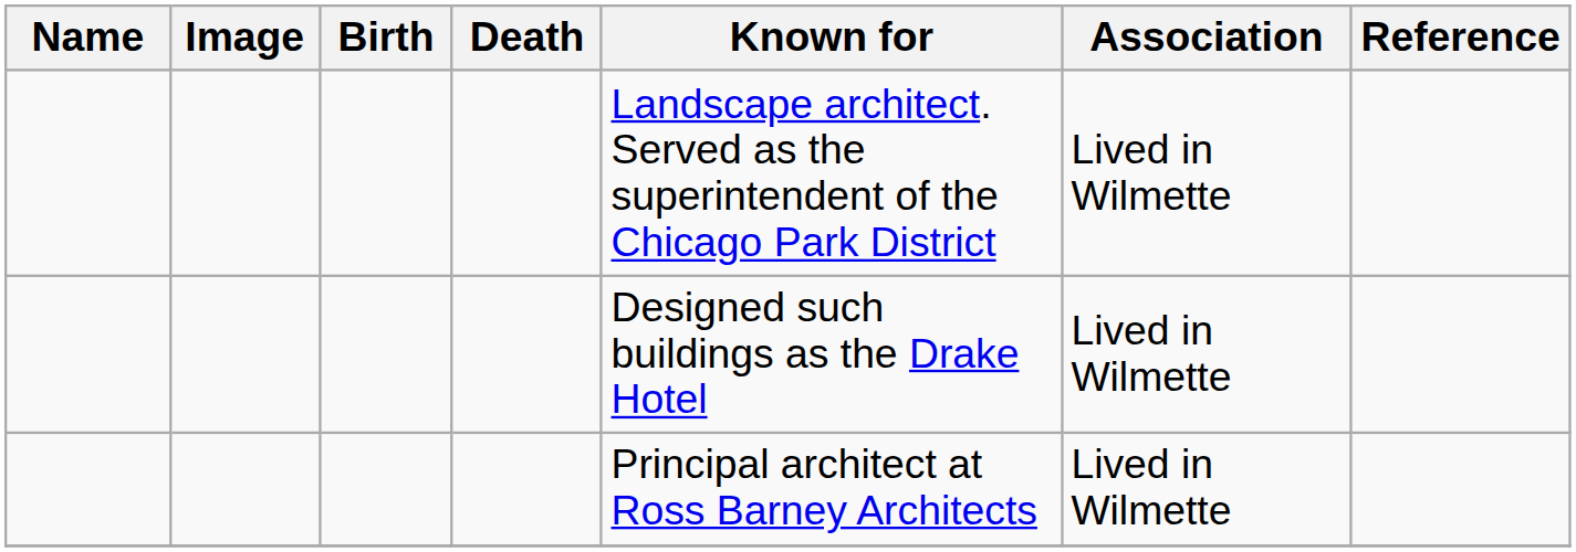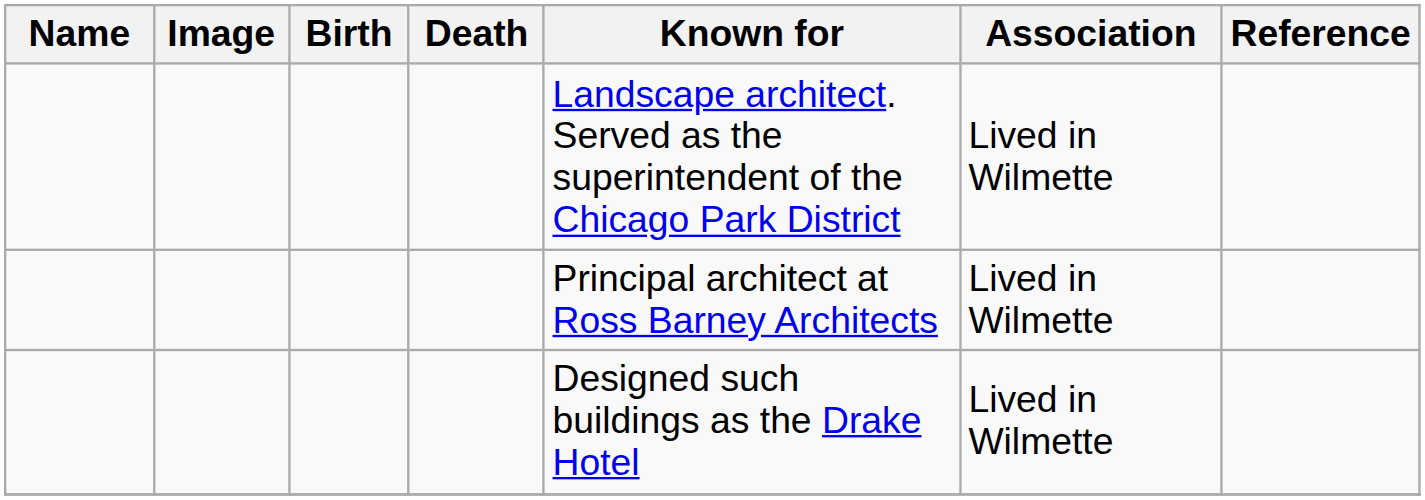 <table class="wikitable sortable">
 <tr>
 <th scope="col" width="140">Name</th>
 <th scope="col" width="80" class="unsortable">Image</th>
 <th scope="col" width="90">Birth</th>
 <th scope="col" width="90">Death</th>
 <th scope="col" width="600" class="unsortable">Known for</th>
 <th scope="col" width="200" class="unsortable">Association</th>
 <th scope="col" width="30" class="unsortable">Reference</th>
 </tr>
 <tr>
 <td></td>
 <td></td>
 <td align=right></td>
 <td align=right></td>
 <td><a href='#'>Landscape architect</a>. Served as the superintendent of the <a href='#'>Chicago Park District</a></td>
 <td>Lived in Wilmette</td>
 <td></td>
 </tr>
 <tr>
 <td></td>
 <td></td>
 <td align=right></td>
 <td align=right></td>
-<td>Designed such buildings as the <a href='#'>Drake Hotel</a></td>
+<td>Principal architect at <a href='#'>Ross Barney Architects</a></td>
 <td>Lived in Wilmette</td>
 <td align="center"></td>
 </tr>
 <tr>
 <td></td>
 <td></td>
 <td align=right></td>
 <td align=right></td>
-<td>Principal architect at <a href='#'>Ross Barney Architects</a></td>
+<td>Designed such buildings as the <a href='#'>Drake Hotel</a></td>
 <td>Lived in Wilmette</td>
 <td align="center"></td>
 </tr>
 <tr>
 </tr>
 </table>
